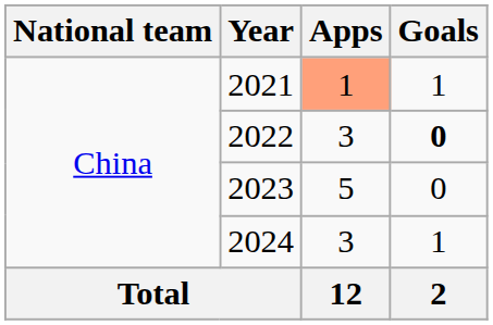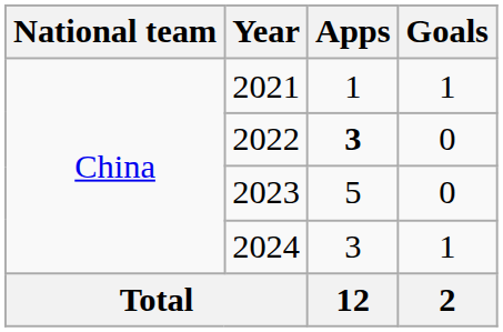 <table class="wikitable" style="text-align:center">
 <tr>
 <th>National team</th>
 <th>Year</th>
 <th>Apps</th>
 <th>Goals</th>
 </tr>
 <tr>
 <td rowspan="4"><a href='#'>China</a></td>
 <td>2021</td>
-<td style="background: lightsalmon;">1</td>
+<td>1</td>
 <td>1</td>
 </tr>
 <tr>
 <td>2022</td>
-<td>3</td>
-<td><strong>0</strong></td>
+<td><strong>3</strong></td>
+<td>0</td>
 </tr>
 <tr>
 <td>2023</td>
 <td>5</td>
 <td>0</td>
 </tr>
 <tr>
 <td>2024</td>
 <td>3</td>
 <td>1</td>
 </tr>
 <tr>
 <th colspan="2">Total</th>
 <th>12</th>
 <th>2</th>
 </tr>
 </table>
